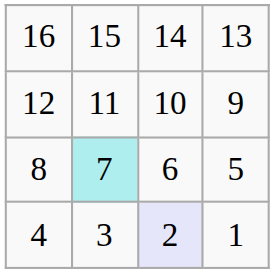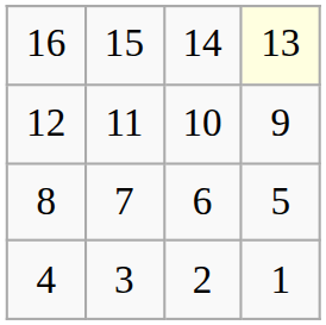 <table class="wikitable" style="margin-left:auto;margin-right:auto;text-align:center;width:8em;height:8em;table-layout:fixed;">
 <tr>
 </tr>
 <tr>
 <td>16</td>
 <td>15</td>
 <td>14</td>
-<td>13</td>
+<td style="background: lightyellow;">13</td>
 </tr>
 <tr>
 <td>12</td>
 <td>11</td>
 <td>10</td>
 <td>9</td>
 </tr>
 <tr>
 <td>8</td>
-<td style="background: paleturquoise;">7</td>
+<td>7</td>
 <td>6</td>
 <td>5</td>
 </tr>
 <tr>
 <td>4</td>
 <td>3</td>
-<td style="background: lavender;">2</td>
+<td>2</td>
 <td>1</td>
 </tr>
 </table>
